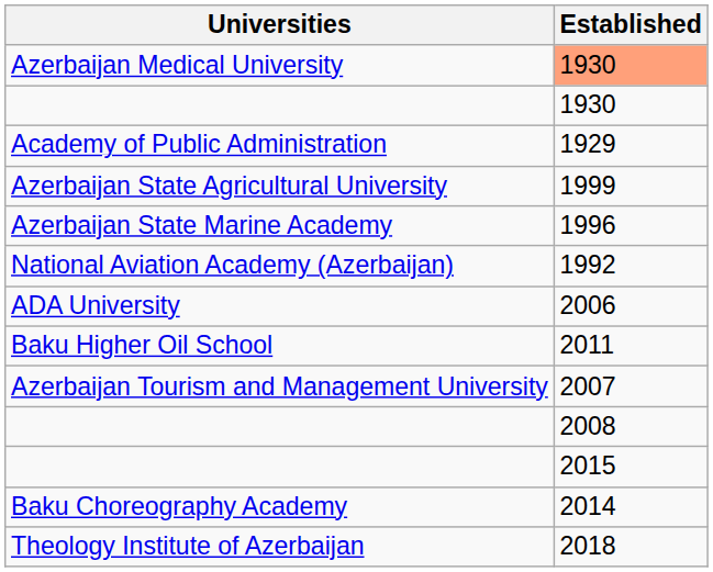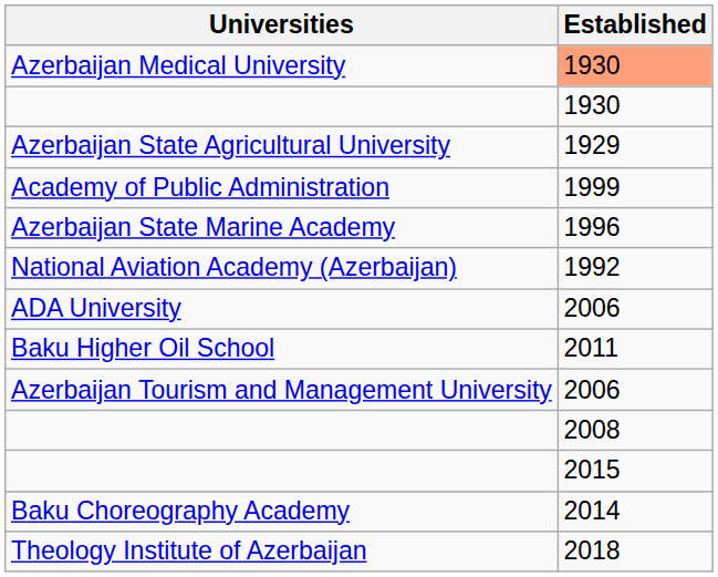 <table class="wikitable">
 <tr>
 <th>Universities</th>
 <th>Established</th>
 </tr>
 <tr>
 <td><a href='#'>Azerbaijan Medical University</a></td>
 <td style="background: lightsalmon;">1930</td>
 </tr>
 <tr>
 <td></td>
 <td>1930</td>
 </tr>
 <tr>
-<td><a href='#'>Academy of Public Administration</a></td>
+<td><a href='#'>Azerbaijan State Agricultural University</a></td>
 <td>1929</td>
 </tr>
 <tr>
-<td><a href='#'>Azerbaijan State Agricultural University</a></td>
+<td><a href='#'>Academy of Public Administration</a></td>
 <td>1999</td>
 </tr>
 <tr>
 <td><a href='#'>Azerbaijan State Marine Academy</a></td>
 <td>1996</td>
 </tr>
 <tr>
 <td><a href='#'>National Aviation Academy (Azerbaijan)</a></td>
 <td>1992</td>
 </tr>
 <tr>
 <td><a href='#'>ADA University</a></td>
 <td>2006</td>
 </tr>
 <tr>
 <td><a href='#'>Baku Higher Oil School</a></td>
 <td>2011</td>
 </tr>
 <tr>
 <td><a href='#'>Azerbaijan Tourism and Management University</a></td>
-<td>2007</td>
+<td>2006</td>
 </tr>
 <tr>
 <td></td>
 <td>2008</td>
 </tr>
 <tr>
 <td></td>
 <td>2015</td>
 </tr>
 <tr>
 <td><a href='#'>Baku Choreography Academy</a></td>
 <td>2014</td>
 </tr>
 <tr>
 <td><a href='#'>Theology Institute of Azerbaijan</a></td>
 <td>2018</td>
 </tr>
 </table>
